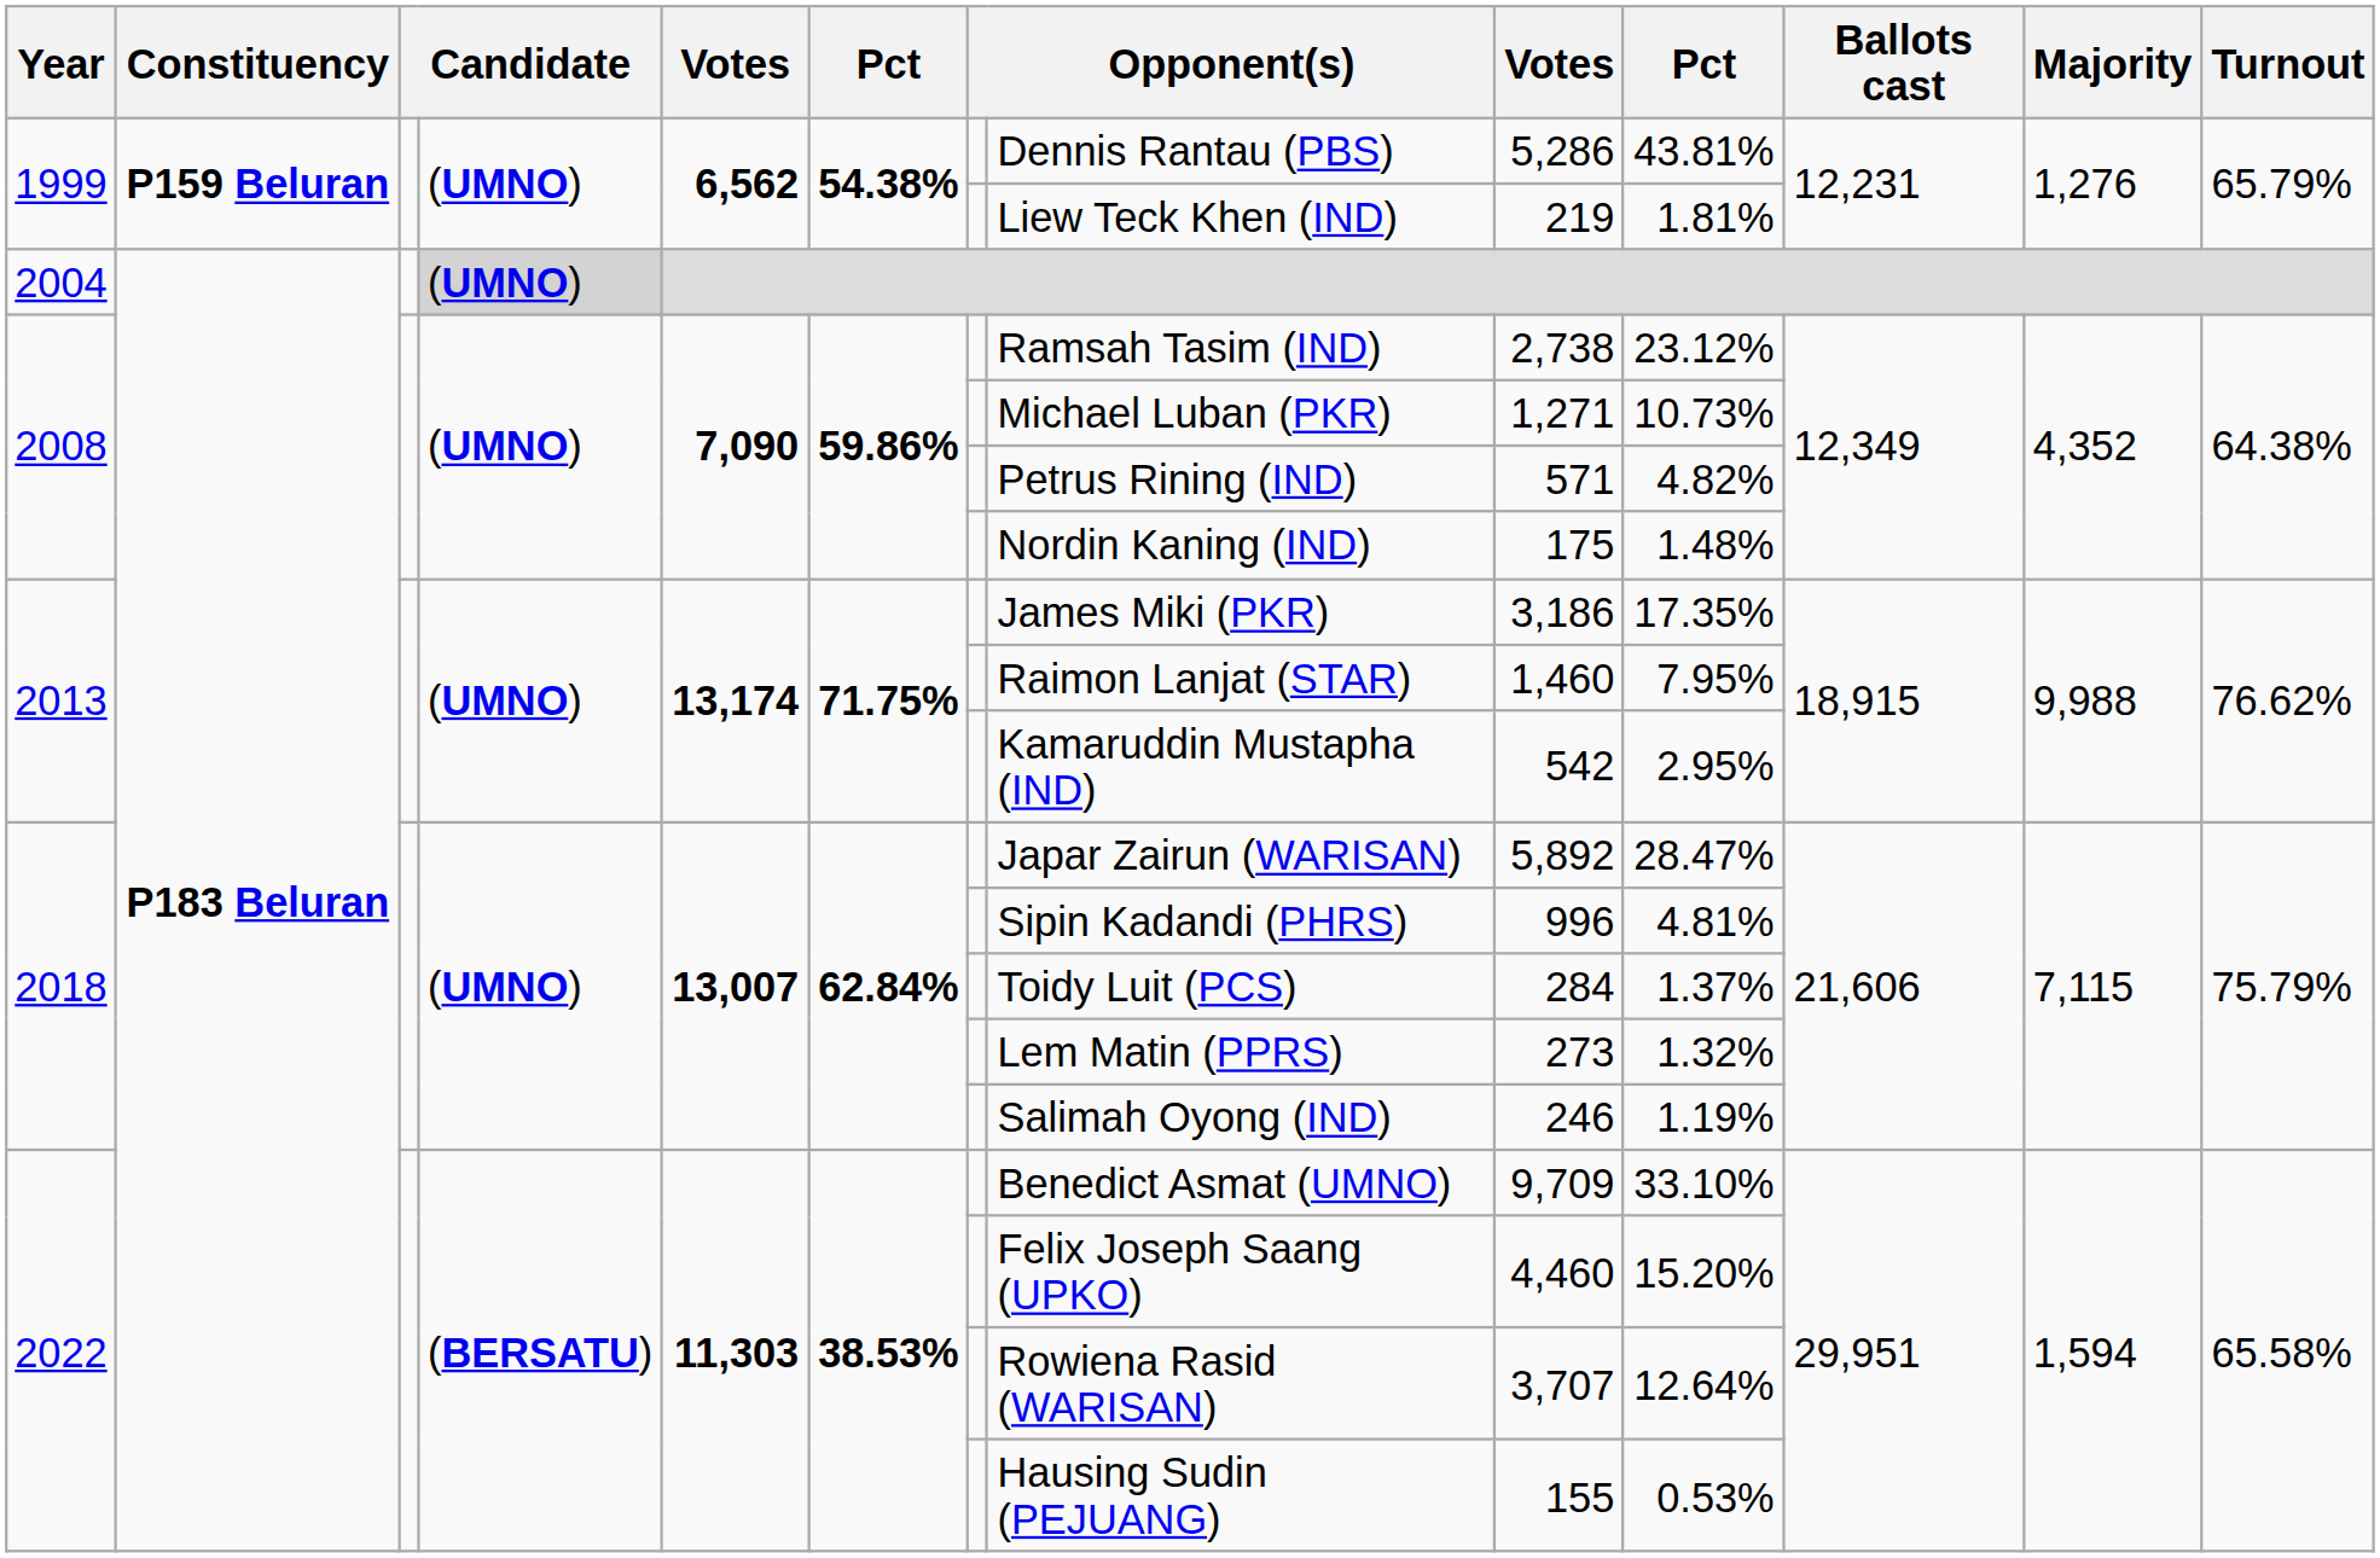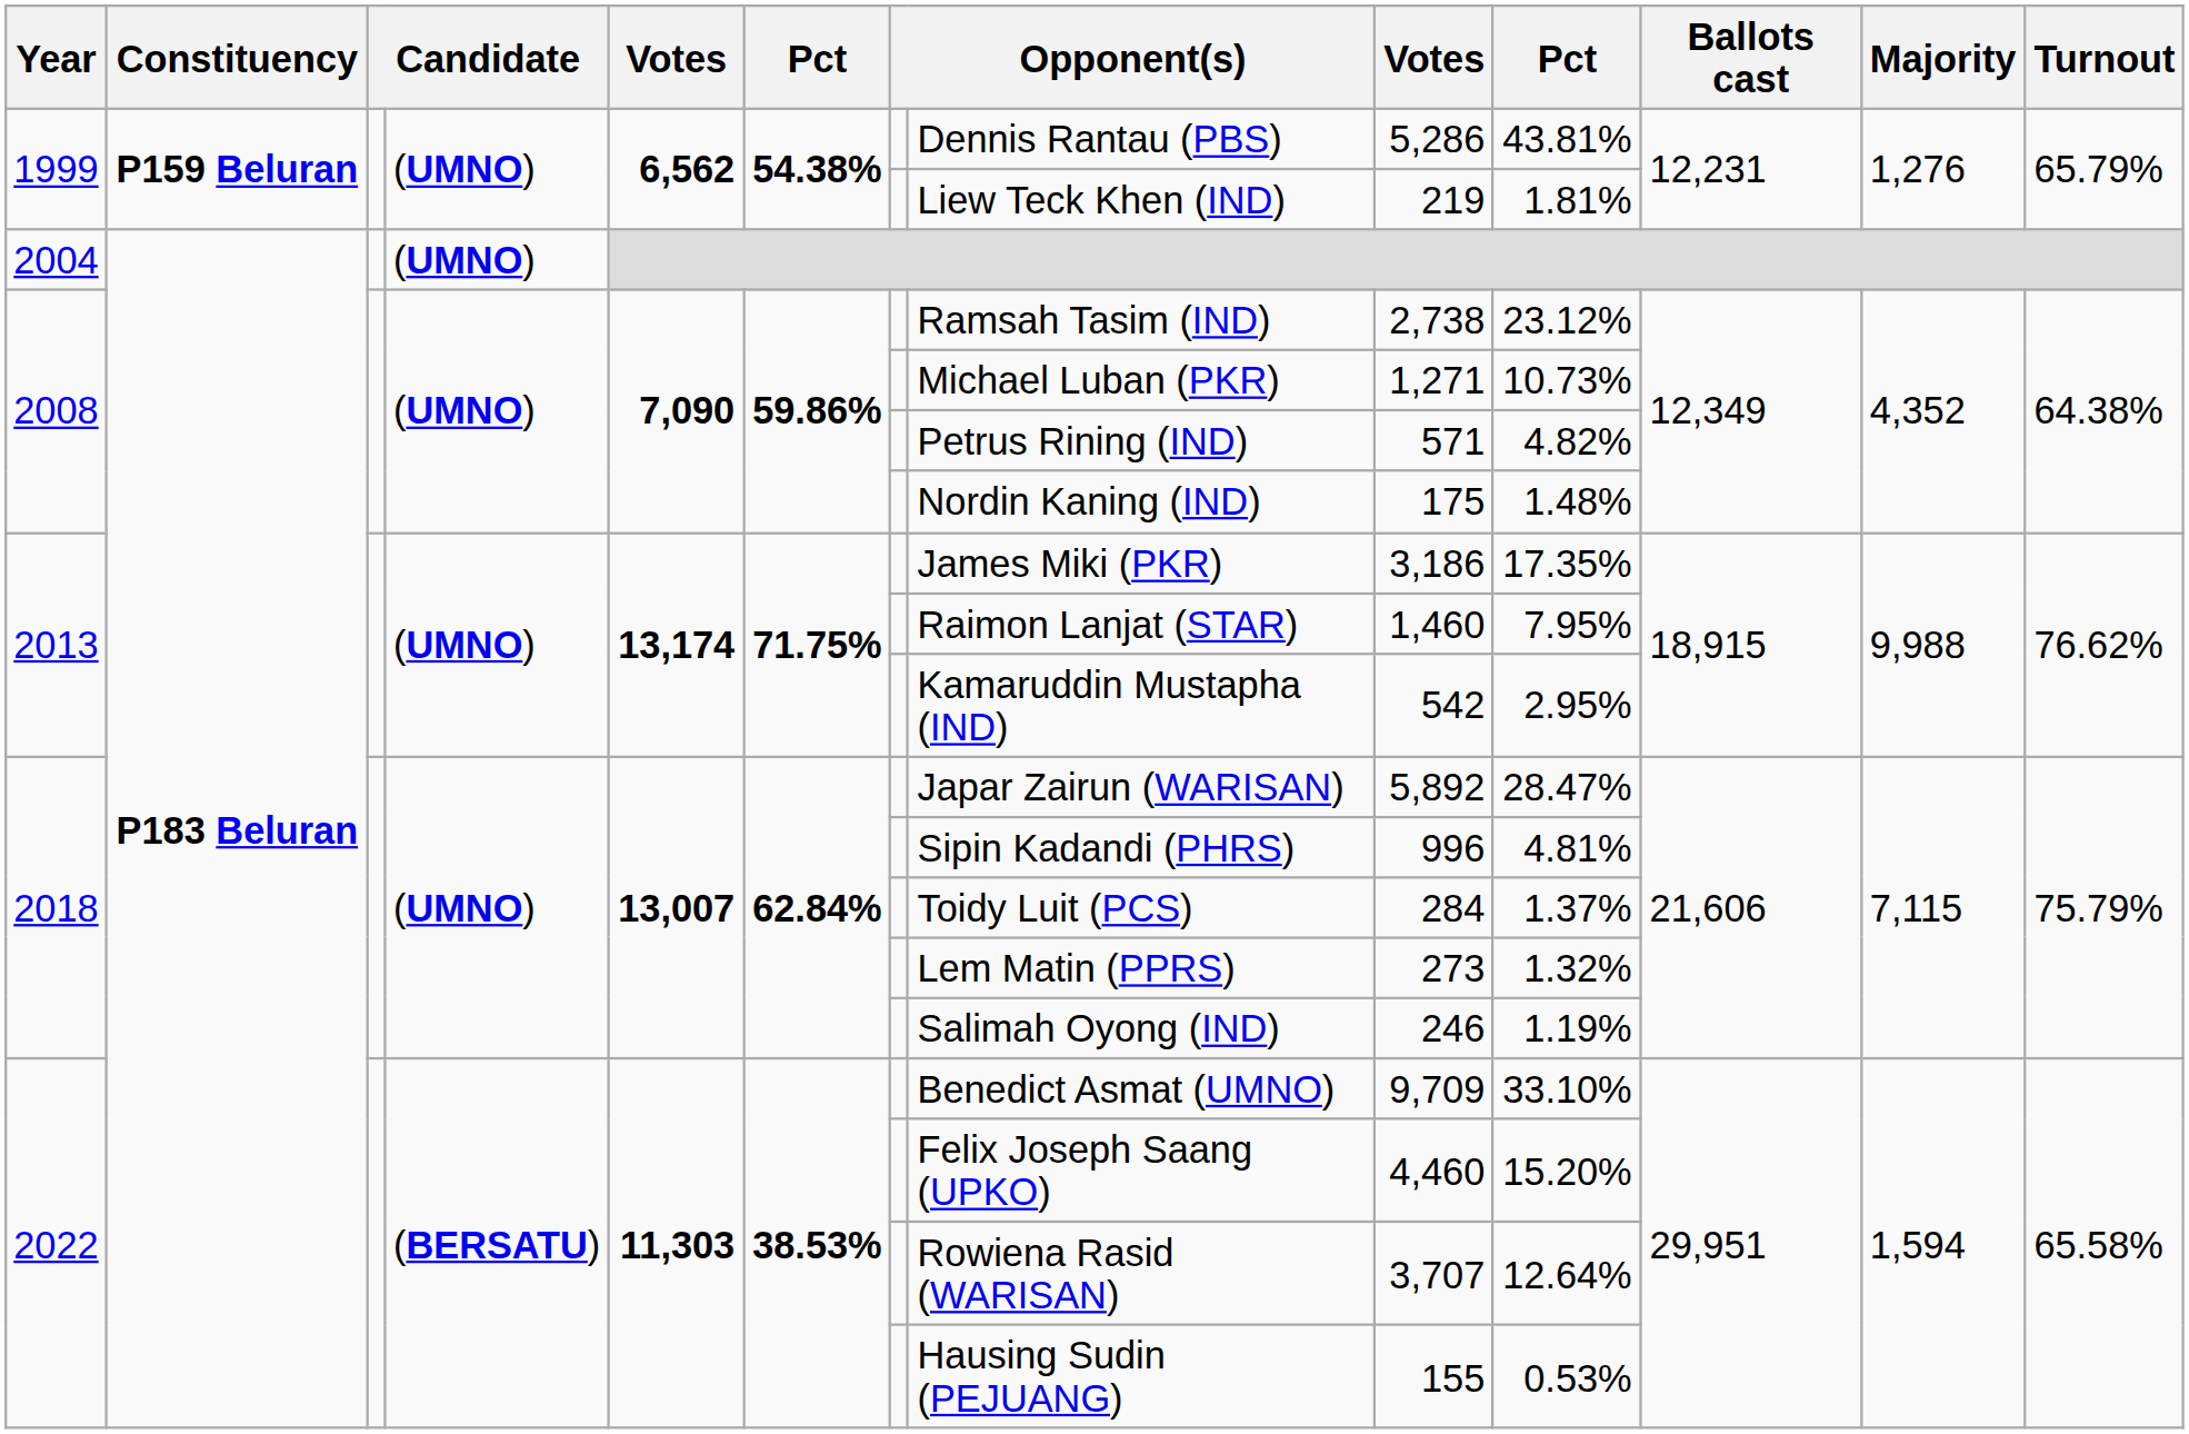 <table class="wikitable" style="margin:0.5em ; font-size:95%">
 <tr>
 <th>Year</th>
 <th>Constituency</th>
 <th colspan=2>Candidate</th>
 <th>Votes</th>
 <th>Pct</th>
 <th colspan=2>Opponent(s)</th>
 <th>Votes</th>
 <th>Pct</th>
 <th>Ballots cast</th>
 <th>Majority</th>
 <th>Turnout</th>
 </tr>
 <tr>
 <td rowspan=2><a href='#'>1999</a></td>
 <td rowspan=2><strong>P159 <a href='#'>Beluran</a></strong></td>
 <td rowspan=2 ></td>
 <td rowspan=2> (<a href='#'><strong>UMNO</strong></a>)</td>
 <td rowspan=2 align="right"><strong>6,562</strong></td>
 <td rowspan=2><strong>54.38%</strong></td>
 <td></td>
 <td>Dennis Rantau (<a href='#'>PBS</a>)</td>
 <td align="right">5,286</td>
 <td>43.81%</td>
 <td rowspan=2>12,231</td>
 <td rowspan=2>1,276</td>
 <td rowspan=2>65.79%</td>
 </tr>
 <tr>
 <td></td>
 <td>Liew Teck Khen (<a href='#'>IND</a>)</td>
 <td align="right">219</td>
 <td align="right">1.81%</td>
 </tr>
 <tr>
 <td><a href='#'>2004</a></td>
 <td rowspan=17><strong>P183 <a href='#'>Beluran</a></strong></td>
 <td></td>
-<td style="background: lightgrey;"> (<a href='#'><strong>UMNO</strong></a>)</td>
+<td> (<a href='#'><strong>UMNO</strong></a>)</td>
 <td colspan=9 bgcolor="dcdcdc"></td>
 </tr>
 <tr>
 <td rowspan=4><a href='#'>2008</a></td>
 <td rowspan=4 ></td>
 <td rowspan=4> (<a href='#'><strong>UMNO</strong></a>)</td>
 <td rowspan=4 align="right"><strong>7,090</strong></td>
 <td rowspan=4><strong>59.86%</strong></td>
 <td></td>
 <td>Ramsah Tasim (<a href='#'>IND</a>)</td>
 <td align="right">2,738</td>
 <td>23.12%</td>
 <td rowspan=4>12,349</td>
 <td rowspan=4>4,352</td>
 <td rowspan=4>64.38%</td>
 </tr>
 <tr>
 <td></td>
 <td>Michael Luban (<a href='#'>PKR</a>)</td>
 <td align="right">1,271</td>
 <td>10.73%</td>
 </tr>
 <tr>
 <td></td>
 <td>Petrus Rining (<a href='#'>IND</a>)</td>
 <td align="right">571</td>
 <td align="right">4.82%</td>
 </tr>
 <tr>
 <td></td>
 <td>Nordin Kaning (<a href='#'>IND</a>)</td>
 <td align="right">175</td>
 <td align="right">1.48%</td>
 </tr>
 <tr>
 <td rowspan=3><a href='#'>2013</a></td>
 <td rowspan=3 ></td>
 <td rowspan=3> (<a href='#'><strong>UMNO</strong></a>)</td>
 <td rowspan=3 align="right"><strong>13,174</strong></td>
 <td rowspan=3><strong>71.75%</strong></td>
 <td></td>
 <td>James Miki (<a href='#'>PKR</a>)</td>
 <td align="right">3,186</td>
 <td>17.35%</td>
 <td rowspan=3>18,915</td>
 <td rowspan=3>9,988</td>
 <td rowspan=3>76.62%</td>
 </tr>
 <tr>
 <td></td>
 <td>Raimon Lanjat (<a href='#'>STAR</a>)</td>
 <td align="right">1,460</td>
 <td align="right">7.95%</td>
 </tr>
 <tr>
 <td></td>
 <td>Kamaruddin Mustapha (<a href='#'>IND</a>)</td>
 <td align="right">542</td>
 <td align="right">2.95%</td>
 </tr>
 <tr>
 <td rowspan=5><a href='#'>2018</a></td>
 <td rowspan=5 ></td>
 <td rowspan=5> (<a href='#'><strong>UMNO</strong></a>)</td>
 <td rowspan=5 align="right"><strong>13,007</strong></td>
 <td rowspan=5><strong>62.84%</strong></td>
 <td></td>
 <td>Japar Zairun (<a href='#'>WARISAN</a>)</td>
 <td align="right">5,892</td>
 <td>28.47%</td>
 <td rowspan=5>21,606</td>
 <td rowspan=5>7,115</td>
 <td rowspan=5>75.79%</td>
 </tr>
 <tr>
 <td></td>
 <td>Sipin Kadandi (<a href='#'>PHRS</a>)</td>
 <td align="right">996</td>
 <td align="right">4.81%</td>
 </tr>
 <tr>
 <td bgcolor=></td>
 <td>Toidy Luit (<a href='#'>PCS</a>)</td>
 <td align="right">284</td>
 <td align="right">1.37%</td>
 </tr>
 <tr>
 <td bgcolor=></td>
 <td>Lem Matin (<a href='#'>PPRS</a>)</td>
 <td align="right">273</td>
 <td align="right">1.32%</td>
 </tr>
 <tr>
 <td></td>
 <td>Salimah Oyong (<a href='#'>IND</a>)</td>
 <td align="right">246</td>
 <td align="right">1.19%</td>
 </tr>
 <tr>
 <td rowspan=4><a href='#'>2022</a></td>
 <td rowspan=4 bgcolor=></td>
 <td rowspan=4> (<a href='#'><strong>BERSATU</strong></a>)</td>
 <td rowspan=4 align="right"><strong>11,303</strong></td>
 <td rowspan=4><strong>38.53%</strong></td>
 <td></td>
 <td>Benedict Asmat (<a href='#'>UMNO</a>)</td>
 <td align="right">9,709</td>
 <td>33.10%</td>
 <td rowspan=4>29,951</td>
 <td rowspan=4>1,594</td>
 <td rowspan=4>65.58%</td>
 </tr>
 <tr>
 <td></td>
 <td>Felix Joseph Saang (<a href='#'>UPKO</a>)</td>
 <td align="right">4,460</td>
 <td>15.20%</td>
 </tr>
 <tr>
 <td></td>
 <td>Rowiena Rasid (<a href='#'>WARISAN</a>)</td>
 <td align="right">3,707</td>
 <td>12.64%</td>
 </tr>
 <tr>
 <td bgcolor=></td>
 <td>Hausing Sudin (<a href='#'>PEJUANG</a>)</td>
 <td align="right">155</td>
 <td align="right">0.53%</td>
 </tr>
 </table>
